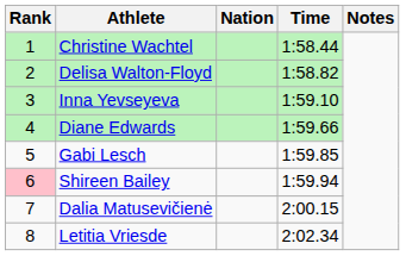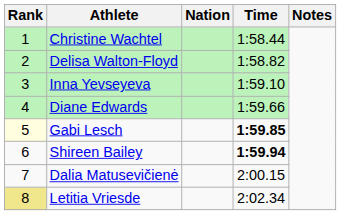 <table class="wikitable sortable" style="text-align:center">
 <tr>
 <th>Rank</th>
 <th>Athlete</th>
 <th>Nation</th>
 <th>Time</th>
 <th>Notes</th>
 </tr>
 <tr style="background:#bbf3bb;">
 <td>1</td>
 <td align=left><a href='#'>Christine Wachtel</a></td>
 <td align=left></td>
 <td>1:58.44</td>
 </tr>
 <tr style="background:#bbf3bb;">
 <td>2</td>
 <td align=left><a href='#'>Delisa Walton-Floyd</a></td>
 <td align=left></td>
 <td>1:58.82</td>
 </tr>
 <tr style="background:#bbf3bb;">
 <td>3</td>
 <td align=left><a href='#'>Inna Yevseyeva</a></td>
 <td align=left></td>
 <td>1:59.10</td>
 </tr>
 <tr style="background:#bbf3bb;">
 <td>4</td>
 <td align=left><a href='#'>Diane Edwards</a></td>
 <td align=left></td>
 <td>1:59.66</td>
 </tr>
 <tr>
-<td>5</td>
+<td style="background: lightyellow;">5</td>
 <td align=left><a href='#'>Gabi Lesch</a></td>
 <td align=left></td>
-<td>1:59.85</td>
+<td><strong>1:59.85</strong></td>
 </tr>
 <tr>
-<td style="background: pink;">6</td>
+<td>6</td>
 <td align=left><a href='#'>Shireen Bailey</a></td>
 <td align=left></td>
-<td>1:59.94</td>
+<td><strong>1:59.94</strong></td>
 </tr>
 <tr>
 <td>7</td>
 <td align=left><a href='#'>Dalia Matusevičienė</a></td>
 <td align=left></td>
 <td>2:00.15</td>
 </tr>
 <tr>
-<td>8</td>
+<td style="background: khaki;">8</td>
 <td align=left><a href='#'>Letitia Vriesde</a></td>
 <td align=left></td>
 <td>2:02.34</td>
 </tr>
 </table>
